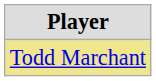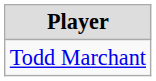 <table class="wikitable">
 <tr style="text-align:center; background:#ddd;">
 <td><strong>Player</strong></td>
 </tr>
 <tr>
-<td style="background: khaki;"><a href='#'>Todd Marchant</a></td>
+<td><a href='#'>Todd Marchant</a></td>
 </tr>
 </table>
